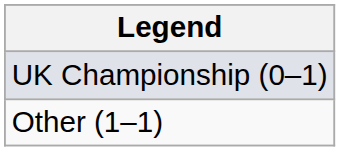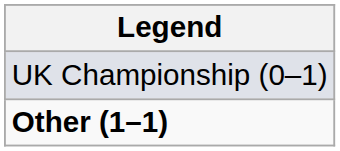 <table class="wikitable">
 <tr>
 <th>Legend</th>
 </tr>
 <tr bgcolor="dfe2e9">
 <td>UK Championship (0–1)</td>
 </tr>
 <tr bgcolor=>
-<td>Other (1–1)</td>
+<td><strong>Other (1–1)</strong></td>
 </tr>
 </table>
